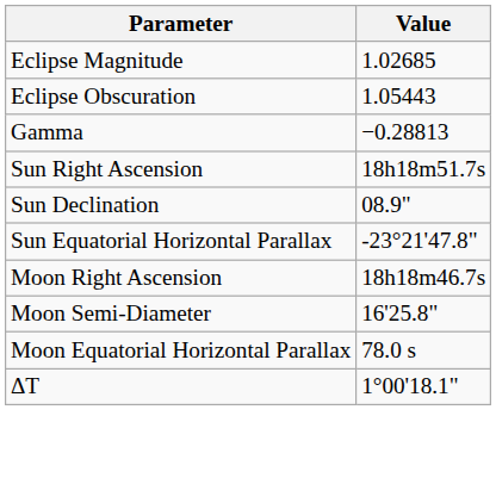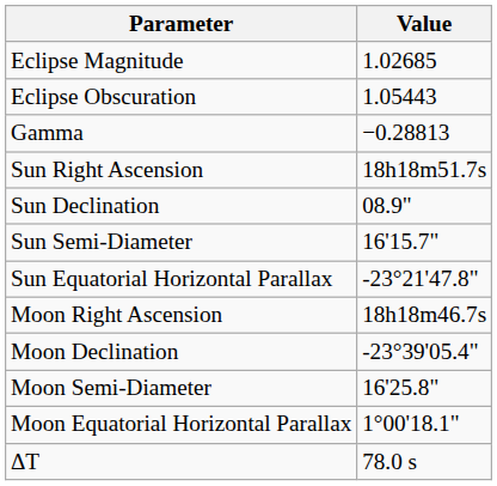 <table class="wikitable">
 <tr>
 <th>Parameter</th>
 <th>Value</th>
 </tr>
 <tr>
 <td>Eclipse Magnitude</td>
 <td>1.02685</td>
 </tr>
 <tr>
 <td>Eclipse Obscuration</td>
 <td>1.05443</td>
 </tr>
 <tr>
 <td>Gamma</td>
 <td>−0.28813</td>
 </tr>
 <tr>
 <td>Sun Right Ascension</td>
 <td>18h18m51.7s</td>
 </tr>
 <tr>
 <td>Sun Declination</td>
 <td>08.9"</td>
 </tr>
 <tr>
+<td>Sun Semi-Diameter</td>
+<td>16'15.7"</td>
+</tr>
+<tr>
 <td>Sun Equatorial Horizontal Parallax</td>
 <td>-23°21'47.8"</td>
 </tr>
 <tr>
 <td>Moon Right Ascension</td>
 <td>18h18m46.7s</td>
 </tr>
 <tr>
+<td>Moon Declination</td>
+<td>-23°39'05.4"</td>
+</tr>
+<tr>
 <td>Moon Semi-Diameter</td>
 <td>16'25.8"</td>
 </tr>
 <tr>
 <td>Moon Equatorial Horizontal Parallax</td>
-<td>78.0 s</td>
+<td>1°00'18.1"</td>
 </tr>
 <tr>
 <td>ΔT</td>
-<td>1°00'18.1"</td>
+<td>78.0 s</td>
 </tr>
 </table>
